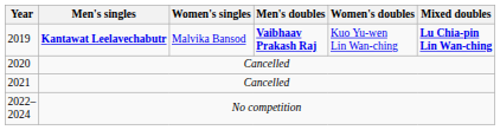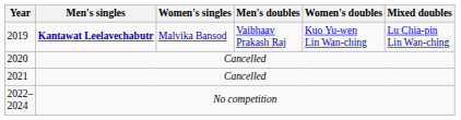 <table class=wikitable style="font-size:90%;">
 <tr>
 <th>Year</th>
 <th>Men's singles</th>
 <th>Women's singles</th>
 <th>Men's doubles</th>
 <th>Women's doubles</th>
 <th>Mixed doubles</th>
 </tr>
 <tr>
 <td>2019</td>
 <td><strong> <a href='#'>Kantawat Leelavechabutr</a></strong></td>
 <td> <a href='#'>Malvika Bansod</a></td>
-<td><strong> <a href='#'>Vaibhaav</a><br> <a href='#'>Prakash Raj</a></strong></td>
+<td> <a href='#'>Vaibhaav</a><br> <a href='#'>Prakash Raj</a></td>
 <td> <a href='#'>Kuo Yu-wen</a><br> <a href='#'>Lin Wan-ching</a></td>
-<td><strong> <a href='#'>Lu Chia-pin</a><br> <a href='#'>Lin Wan-ching</a></strong></td>
+<td> <a href='#'>Lu Chia-pin</a><br> <a href='#'>Lin Wan-ching</a></td>
 </tr>
 <tr>
 <td>2020</td>
 <td colspan="5" align="center"><em>Cancelled</em></td>
 </tr>
 <tr>
 <td>2021</td>
 <td colspan="5" align="center"><em>Cancelled</em></td>
 </tr>
 <tr>
 <td>2022–<br>2024</td>
 <td colspan="5" align="center"><em>No competition</em></td>
 </tr>
 </table>
